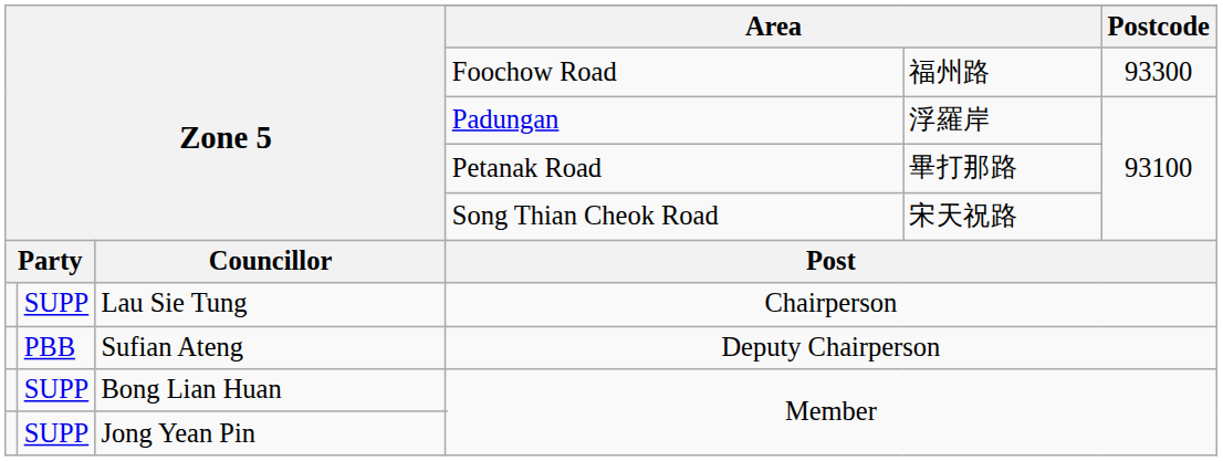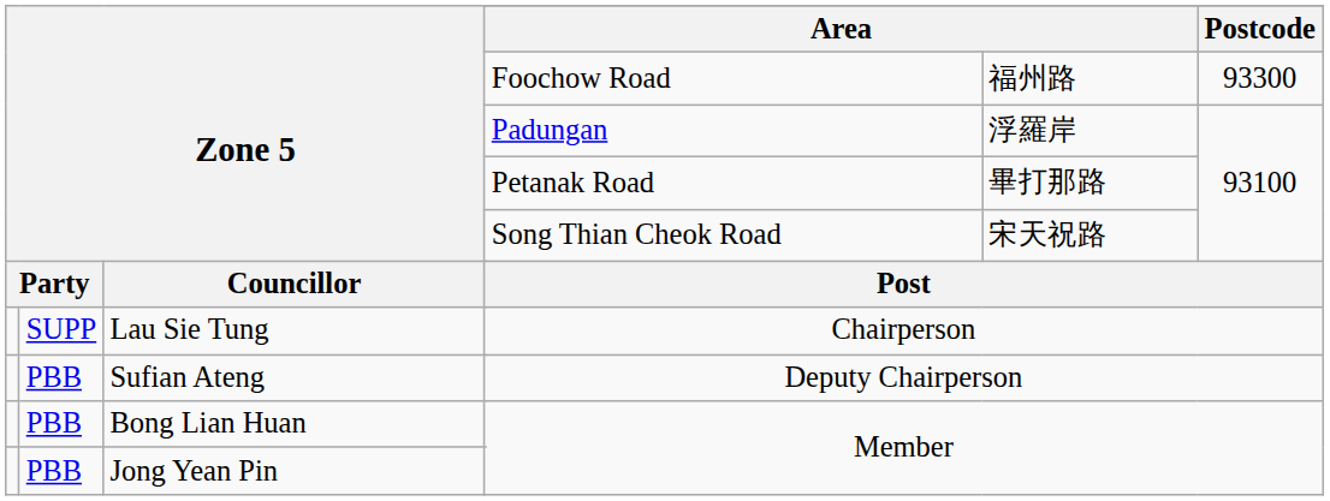 <table class="wikitable">
 <tr>
 <th width="220" colspan="4" rowspan="6"><br><h3>Zone 5</h3></th>
 </tr>
 <tr>
 <th ! align=center width="380" colspan="2">Area</th>
 <th align=center><strong>Postcode</strong></th>
 </tr>
 <tr>
 <td>Foochow Road</td>
 <td>福州路</td>
 <td align=center>93300</td>
 </tr>
 <tr>
 <td><a href='#'>Padungan</a></td>
 <td>浮羅岸</td>
 <td align=center rowspan="3">93100</td>
 </tr>
 <tr>
 <td>Petanak Road</td>
 <td>畢打那路</td>
 </tr>
 <tr>
 <td>Song Thian Cheok Road</td>
 <td>宋天祝路</td>
 </tr>
 <tr>
 <th colspan="2">Party</th>
 <th width="200" colspan="2">Councillor</th>
 <th colspan="3">Post</th>
 </tr>
 <tr>
 <td></td>
 <td><a href='#'>SUPP</a></td>
 <td colspan="2">Lau Sie Tung</td>
 <td align=center colspan="3">Chairperson</td>
 </tr>
 <tr>
 <td></td>
 <td><a href='#'>PBB</a></td>
 <td colspan="2">Sufian Ateng</td>
 <td align=center colspan="3">Deputy Chairperson</td>
 </tr>
 <tr>
 <td></td>
-<td><a href='#'>SUPP</a></td>
+<td><a href='#'>PBB</a></td>
 <td colspan="2">Bong Lian Huan</td>
 <td align=center colspan="3" rowspan="2">Member</td>
 </tr>
 <tr>
 <td></td>
-<td><a href='#'>SUPP</a></td>
+<td><a href='#'>PBB</a></td>
 <td colspan="2">Jong Yean Pin</td>
 </tr>
 </table>
